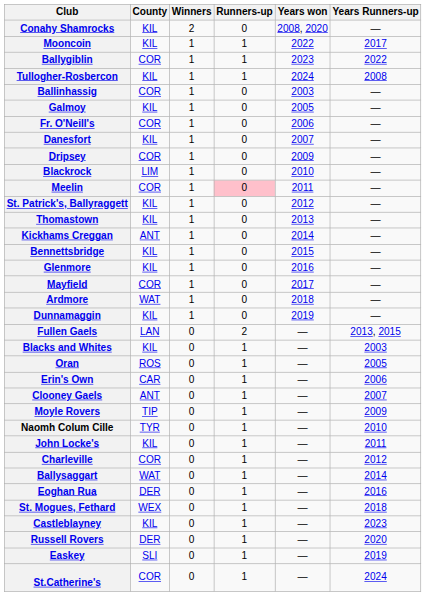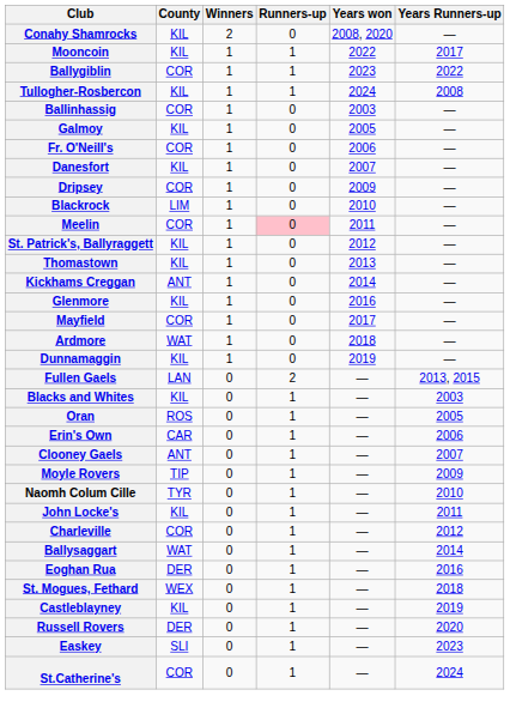 <table class="wikitable plainrowheaders sortable">
 <tr>
 <th scope="col">Club</th>
 <th scope="col">County</th>
 <th scope="col">Winners</th>
 <th scope="col">Runners-up</th>
 <th scope="col">Years won</th>
 <th scope="col">Years Runners-up</th>
 </tr>
 <tr align="center">
 <th scope="row"> <a href='#'>Conahy Shamrocks</a></th>
 <td> <a href='#'>KIL</a></td>
 <td>2</td>
 <td>0</td>
 <td><a href='#'>2008</a>, <a href='#'>2020</a></td>
 <td>—</td>
 </tr>
 <tr align="center">
 <th scope="row"> <a href='#'>Mooncoin</a></th>
 <td> <a href='#'>KIL</a></td>
 <td>1</td>
 <td>1</td>
 <td><a href='#'>2022</a></td>
 <td><a href='#'>2017</a></td>
 </tr>
 <tr align="center">
 <th scope="row"> <a href='#'>Ballygiblin</a></th>
 <td> <a href='#'>COR</a></td>
 <td>1</td>
 <td>1</td>
 <td><a href='#'>2023</a></td>
 <td><a href='#'>2022</a></td>
 </tr>
 <tr align="center">
 <th scope="row"> <a href='#'>Tullogher-Rosbercon</a></th>
 <td> <a href='#'>KIL</a></td>
 <td>1</td>
 <td>1</td>
 <td><a href='#'>2024</a></td>
 <td><a href='#'>2008</a></td>
 </tr>
 <tr align="center">
 <th scope="row"> <a href='#'>Ballinhassig</a></th>
 <td> <a href='#'>COR</a></td>
 <td>1</td>
 <td>0</td>
 <td><a href='#'>2003</a></td>
 <td>—</td>
 </tr>
 <tr align="center">
 <th scope="row"> <a href='#'>Galmoy</a></th>
 <td> <a href='#'>KIL</a></td>
 <td>1</td>
 <td>0</td>
 <td><a href='#'>2005</a></td>
 <td>—</td>
 </tr>
 <tr align="center">
 <th scope="row"> <a href='#'>Fr. O'Neill's</a></th>
 <td> <a href='#'>COR</a></td>
 <td>1</td>
 <td>0</td>
 <td><a href='#'>2006</a></td>
 <td>—</td>
 </tr>
 <tr align="center">
 <th scope="row"> <a href='#'>Danesfort</a></th>
 <td> <a href='#'>KIL</a></td>
 <td>1</td>
 <td>0</td>
 <td><a href='#'>2007</a></td>
 <td>—</td>
 </tr>
 <tr align="center">
 <th scope="row"> <a href='#'>Dripsey</a></th>
 <td> <a href='#'>COR</a></td>
 <td>1</td>
 <td>0</td>
 <td><a href='#'>2009</a></td>
 <td>—</td>
 </tr>
 <tr align="center">
 <th scope="row"> <a href='#'>Blackrock</a></th>
 <td> <a href='#'>LIM</a></td>
 <td>1</td>
 <td>0</td>
 <td><a href='#'>2010</a></td>
 <td>—</td>
 </tr>
 <tr align="center">
 <th scope="row"> <a href='#'>Meelin</a></th>
 <td> <a href='#'>COR</a></td>
 <td>1</td>
 <td style="background: pink;">0</td>
 <td><a href='#'>2011</a></td>
 <td>—</td>
 </tr>
 <tr align="center">
 <th scope="row"> <a href='#'>St. Patrick's, Ballyraggett</a></th>
 <td> <a href='#'>KIL</a></td>
 <td>1</td>
 <td>0</td>
 <td><a href='#'>2012</a></td>
 <td>—</td>
 </tr>
 <tr align="center">
 <th scope="row"> <a href='#'>Thomastown</a></th>
 <td> <a href='#'>KIL</a></td>
 <td>1</td>
 <td>0</td>
 <td><a href='#'>2013</a></td>
 <td>—</td>
 </tr>
 <tr align="center">
 <th scope="row"> <a href='#'>Kickhams Creggan</a></th>
 <td> <a href='#'>ANT</a></td>
 <td>1</td>
 <td>0</td>
 <td><a href='#'>2014</a></td>
-<td>—</td>
-</tr>
-<tr align="center">
-<th scope="row"> <a href='#'>Bennettsbridge</a></th>
-<td> <a href='#'>KIL</a></td>
-<td>1</td>
-<td>0</td>
-<td><a href='#'>2015</a></td>
 <td>—</td>
 </tr>
 <tr align="center">
 <th scope="row"> <a href='#'>Glenmore</a></th>
 <td> <a href='#'>KIL</a></td>
 <td>1</td>
 <td>0</td>
 <td><a href='#'>2016</a></td>
 <td>—</td>
 </tr>
 <tr align="center">
 <th scope="row"> <a href='#'>Mayfield</a></th>
 <td> <a href='#'>COR</a></td>
 <td>1</td>
 <td>0</td>
 <td><a href='#'>2017</a></td>
 <td>—</td>
 </tr>
 <tr align="center">
 <th scope="row"> <a href='#'>Ardmore</a></th>
 <td> <a href='#'>WAT</a></td>
 <td>1</td>
 <td>0</td>
 <td><a href='#'>2018</a></td>
 <td>—</td>
 </tr>
 <tr align="center">
 <th scope="row"> <a href='#'>Dunnamaggin</a></th>
 <td> <a href='#'>KIL</a></td>
 <td>1</td>
 <td>0</td>
 <td><a href='#'>2019</a></td>
 <td>—</td>
 </tr>
 <tr align="center">
 <th scope="row"> <a href='#'>Fullen Gaels</a></th>
 <td> <a href='#'>LAN</a></td>
 <td>0</td>
 <td>2</td>
 <td>—</td>
 <td><a href='#'>2013</a>, <a href='#'>2015</a></td>
 </tr>
 <tr align="center">
 <th scope="row"> <a href='#'>Blacks and Whites</a></th>
 <td> <a href='#'>KIL</a></td>
 <td>0</td>
 <td>1</td>
 <td>—</td>
 <td><a href='#'>2003</a></td>
 </tr>
 <tr align="center">
 <th scope="row"> <a href='#'>Oran</a></th>
 <td> <a href='#'>ROS</a></td>
 <td>0</td>
 <td>1</td>
 <td>—</td>
 <td><a href='#'>2005</a></td>
 </tr>
 <tr align="center">
 <th scope="row"> <a href='#'>Erin's Own</a></th>
 <td> <a href='#'>CAR</a></td>
 <td>0</td>
 <td>1</td>
 <td>—</td>
 <td><a href='#'>2006</a></td>
 </tr>
 <tr align="center">
 <th scope="row"> <a href='#'>Clooney Gaels</a></th>
 <td> <a href='#'>ANT</a></td>
 <td>0</td>
 <td>1</td>
 <td>—</td>
 <td><a href='#'>2007</a></td>
 </tr>
 <tr align="center">
 <th scope="row"> <a href='#'>Moyle Rovers</a></th>
 <td> <a href='#'>TIP</a></td>
 <td>0</td>
 <td>1</td>
 <td>—</td>
 <td><a href='#'>2009</a></td>
 </tr>
 <tr align="center">
 <th scope="row"> Naomh Colum Cille</th>
 <td> <a href='#'>TYR</a></td>
 <td>0</td>
 <td>1</td>
 <td>—</td>
 <td><a href='#'>2010</a></td>
 </tr>
 <tr align="center">
 <th scope="row"> <a href='#'>John Locke's</a></th>
 <td> <a href='#'>KIL</a></td>
 <td>0</td>
 <td>1</td>
 <td>—</td>
 <td><a href='#'>2011</a></td>
 </tr>
 <tr align="center">
 <th scope="row"> <a href='#'>Charleville</a></th>
 <td> <a href='#'>COR</a></td>
 <td>0</td>
 <td>1</td>
 <td>—</td>
 <td><a href='#'>2012</a></td>
 </tr>
 <tr align="center">
 <th scope="row"> <a href='#'>Ballysaggart</a></th>
 <td> <a href='#'>WAT</a></td>
 <td>0</td>
 <td>1</td>
 <td>—</td>
 <td><a href='#'>2014</a></td>
 </tr>
 <tr align="center">
 <th scope="row"> <a href='#'>Eoghan Rua</a></th>
 <td> <a href='#'>DER</a></td>
 <td>0</td>
 <td>1</td>
 <td>—</td>
 <td><a href='#'>2016</a></td>
 </tr>
 <tr align="center">
 <th scope="row"> <a href='#'>St. Mogues, Fethard</a></th>
 <td> <a href='#'>WEX</a></td>
 <td>0</td>
 <td>1</td>
 <td>—</td>
 <td><a href='#'>2018</a></td>
 </tr>
 <tr align="center">
 <th scope="row"> <a href='#'>Castleblayney</a></th>
 <td> <a href='#'>KIL</a></td>
 <td>0</td>
 <td>1</td>
 <td>—</td>
-<td><a href='#'>2023</a></td>
+<td><a href='#'>2019</a></td>
 </tr>
 <tr align="center">
 <th scope="row"> <a href='#'>Russell Rovers</a></th>
 <td> <a href='#'>DER</a></td>
 <td>0</td>
 <td>1</td>
 <td>—</td>
 <td><a href='#'>2020</a></td>
 </tr>
 <tr align="center">
 <th scope="row"> <a href='#'>Easkey</a></th>
 <td> <a href='#'>SLI</a></td>
 <td>0</td>
 <td>1</td>
 <td>—</td>
-<td><a href='#'>2019</a></td>
+<td><a href='#'>2023</a></td>
 </tr>
 <tr align="center">
 <th scope="row"><br> <a href='#'>St.Catherine's</a></th>
 <td> <a href='#'>COR</a></td>
 <td>0</td>
 <td>1</td>
 <td>—</td>
 <td><a href='#'>2024</a></td>
 </tr>
 </table>
